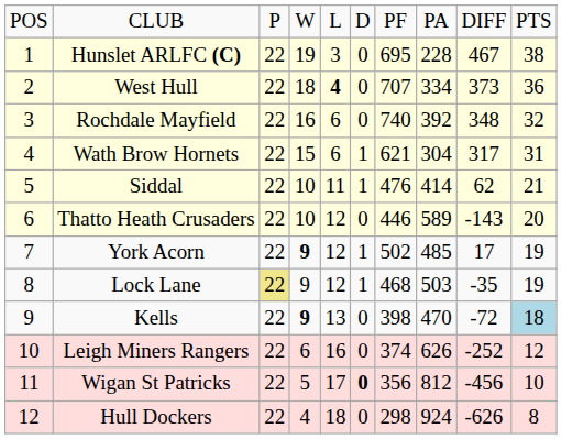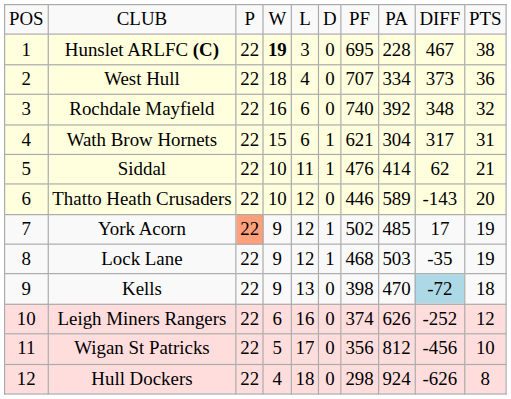 <table class="wikitable" style="text-align: center;">
 <tr>
 <td>POS</td>
 <td>CLUB</td>
 <td>P</td>
 <td>W</td>
 <td>L</td>
 <td>D</td>
 <td>PF</td>
 <td>PA</td>
 <td>DIFF</td>
 <td>PTS</td>
 </tr>
 <tr style="background:#ffffdd;">
 <td>1</td>
 <td>Hunslet ARLFC <strong>(C)</strong></td>
 <td>22</td>
-<td>19</td>
+<td><strong>19</strong></td>
 <td>3</td>
 <td>0</td>
 <td>695</td>
 <td>228</td>
 <td>467</td>
 <td>38</td>
 </tr>
 <tr style="background:#ffffdd;">
 <td>2</td>
 <td>West Hull</td>
 <td>22</td>
 <td>18</td>
-<td><strong>4</strong></td>
+<td>4</td>
 <td>0</td>
 <td>707</td>
 <td>334</td>
 <td>373</td>
 <td>36</td>
 </tr>
 <tr style="background:#ffffdd;">
 <td>3</td>
 <td>Rochdale Mayfield</td>
 <td>22</td>
 <td>16</td>
 <td>6</td>
 <td>0</td>
 <td>740</td>
 <td>392</td>
 <td>348</td>
 <td>32</td>
 </tr>
 <tr style="background:#ffffdd;">
 <td>4</td>
 <td>Wath Brow Hornets</td>
 <td>22</td>
 <td>15</td>
 <td>6</td>
 <td>1</td>
 <td>621</td>
 <td>304</td>
 <td>317</td>
 <td>31</td>
 </tr>
 <tr style="background:#ffffdd;">
 <td>5</td>
 <td>Siddal</td>
 <td>22</td>
 <td>10</td>
 <td>11</td>
 <td>1</td>
 <td>476</td>
 <td>414</td>
 <td>62</td>
 <td>21</td>
 </tr>
 <tr style="background:#ffffdd;">
 <td>6</td>
 <td>Thatto Heath Crusaders</td>
 <td>22</td>
 <td>10</td>
 <td>12</td>
 <td>0</td>
 <td>446</td>
 <td>589</td>
 <td>-143</td>
 <td>20</td>
 </tr>
 <tr>
 <td>7</td>
 <td>York Acorn</td>
-<td>22</td>
-<td><strong>9</strong></td>
+<td style="background: lightsalmon;">22</td>
+<td>9</td>
 <td>12</td>
 <td>1</td>
 <td>502</td>
 <td>485</td>
 <td>17</td>
 <td>19</td>
 </tr>
 <tr>
 <td>8</td>
 <td>Lock Lane</td>
-<td style="background: khaki;">22</td>
+<td>22</td>
 <td>9</td>
 <td>12</td>
 <td>1</td>
 <td>468</td>
 <td>503</td>
 <td>-35</td>
 <td>19</td>
 </tr>
 <tr>
 <td>9</td>
 <td>Kells</td>
 <td>22</td>
-<td><strong>9</strong></td>
+<td>9</td>
 <td>13</td>
 <td>0</td>
 <td>398</td>
 <td>470</td>
-<td>-72</td>
-<td style="background: lightblue;">18</td>
+<td style="background: lightblue;">-72</td>
+<td>18</td>
 </tr>
 <tr style="background:#ffdddd;">
 <td>10</td>
 <td>Leigh Miners Rangers</td>
 <td>22</td>
 <td>6</td>
 <td>16</td>
 <td>0</td>
 <td>374</td>
 <td>626</td>
 <td>-252</td>
 <td>12</td>
 </tr>
 <tr style="background:#ffdddd;">
 <td>11</td>
 <td>Wigan St Patricks</td>
 <td>22</td>
 <td>5</td>
 <td>17</td>
-<td><strong>0</strong></td>
+<td>0</td>
 <td>356</td>
 <td>812</td>
 <td>-456</td>
 <td>10</td>
 </tr>
 <tr style="background:#ffdddd;">
 <td>12</td>
 <td>Hull Dockers</td>
 <td>22</td>
 <td>4</td>
 <td>18</td>
 <td>0</td>
 <td>298</td>
 <td>924</td>
 <td>-626</td>
 <td>8</td>
 </tr>
 </table>
